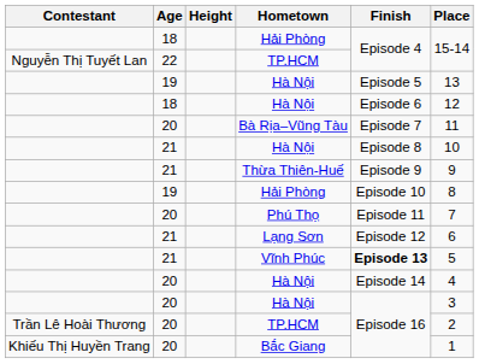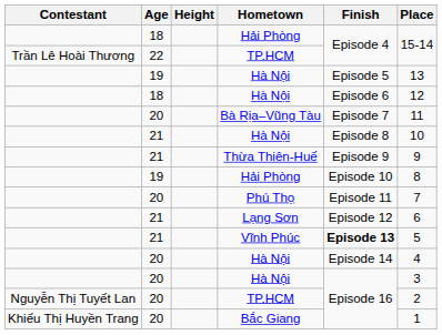 <table class="wikitable sortable" style="text-align:center;">
 <tr>
 <th>Contestant</th>
 <th>Age</th>
 <th>Height</th>
 <th>Hometown</th>
 <th>Finish</th>
 <th>Place</th>
 </tr>
 <tr>
 <td></td>
 <td>18</td>
 <td></td>
 <td><a href='#'>Hải Phòng</a></td>
 <td rowspan="2">Episode 4</td>
 <td rowspan="2">15-14</td>
 </tr>
 <tr>
-<td>Nguyễn Thị Tuyết Lan</td>
+<td>Trần Lê Hoài Thương</td>
 <td>22</td>
 <td></td>
 <td><a href='#'>TP.HCM</a></td>
 </tr>
 <tr>
 <td></td>
 <td>19</td>
 <td></td>
 <td><a href='#'>Hà Nội</a></td>
 <td>Episode 5</td>
 <td>13</td>
 </tr>
 <tr>
 <td></td>
 <td>18</td>
 <td></td>
 <td><a href='#'>Hà Nội</a></td>
 <td>Episode 6</td>
 <td>12</td>
 </tr>
 <tr>
 <td></td>
 <td>20</td>
 <td></td>
 <td><a href='#'>Bà Rịa–Vũng Tàu</a></td>
 <td>Episode 7</td>
 <td>11</td>
 </tr>
 <tr>
 <td></td>
 <td>21</td>
 <td></td>
 <td><a href='#'>Hà Nội</a></td>
 <td>Episode 8</td>
 <td>10</td>
 </tr>
 <tr>
 <td></td>
 <td>21</td>
 <td></td>
 <td><a href='#'>Thừa Thiên-Huế</a></td>
 <td>Episode 9</td>
 <td>9</td>
 </tr>
 <tr>
 <td></td>
 <td>19</td>
 <td></td>
 <td><a href='#'>Hải Phòng</a></td>
 <td>Episode 10</td>
 <td>8</td>
 </tr>
 <tr>
 <td></td>
 <td>20</td>
 <td></td>
 <td><a href='#'>Phú Thọ</a></td>
 <td>Episode 11</td>
 <td>7</td>
 </tr>
 <tr>
 <td></td>
 <td>21</td>
 <td></td>
 <td><a href='#'>Lạng Sơn</a></td>
 <td>Episode 12</td>
 <td>6</td>
 </tr>
 <tr>
 <td></td>
 <td>21</td>
 <td></td>
 <td><a href='#'>Vĩnh Phúc</a></td>
 <td><strong>Episode 13</strong></td>
 <td>5</td>
 </tr>
 <tr>
 <td></td>
 <td>20</td>
 <td></td>
 <td><a href='#'>Hà Nội</a></td>
 <td>Episode 14</td>
 <td>4</td>
 </tr>
 <tr>
 <td></td>
 <td>20</td>
 <td></td>
 <td><a href='#'>Hà Nội</a></td>
 <td rowspan="3">Episode 16</td>
 <td>3</td>
 </tr>
 <tr>
-<td>Trần Lê Hoài Thương</td>
+<td>Nguyễn Thị Tuyết Lan</td>
 <td>20</td>
 <td></td>
 <td><a href='#'>TP.HCM</a></td>
 <td>2</td>
 </tr>
 <tr>
 <td>Khiếu Thị Huyền Trang</td>
 <td>20</td>
 <td></td>
 <td><a href='#'>Bắc Giang</a></td>
 <td>1</td>
 </tr>
 </table>
